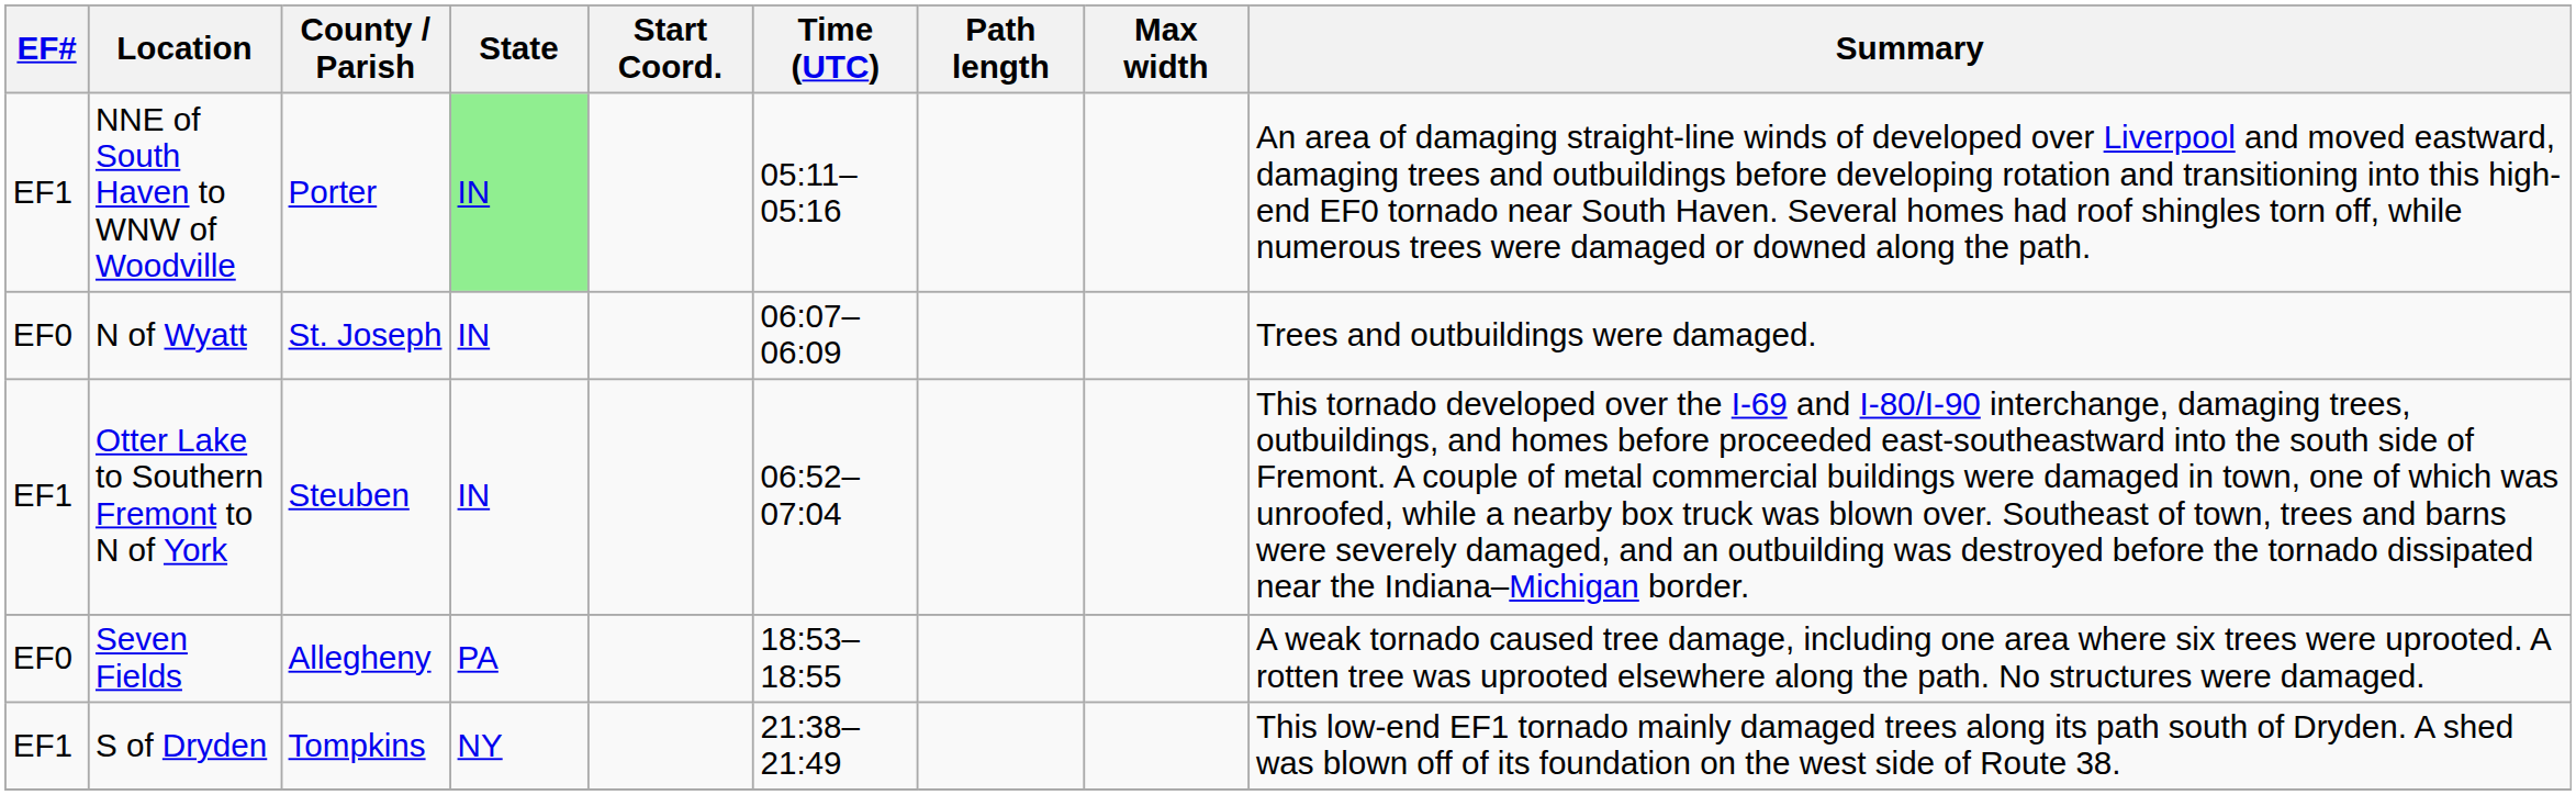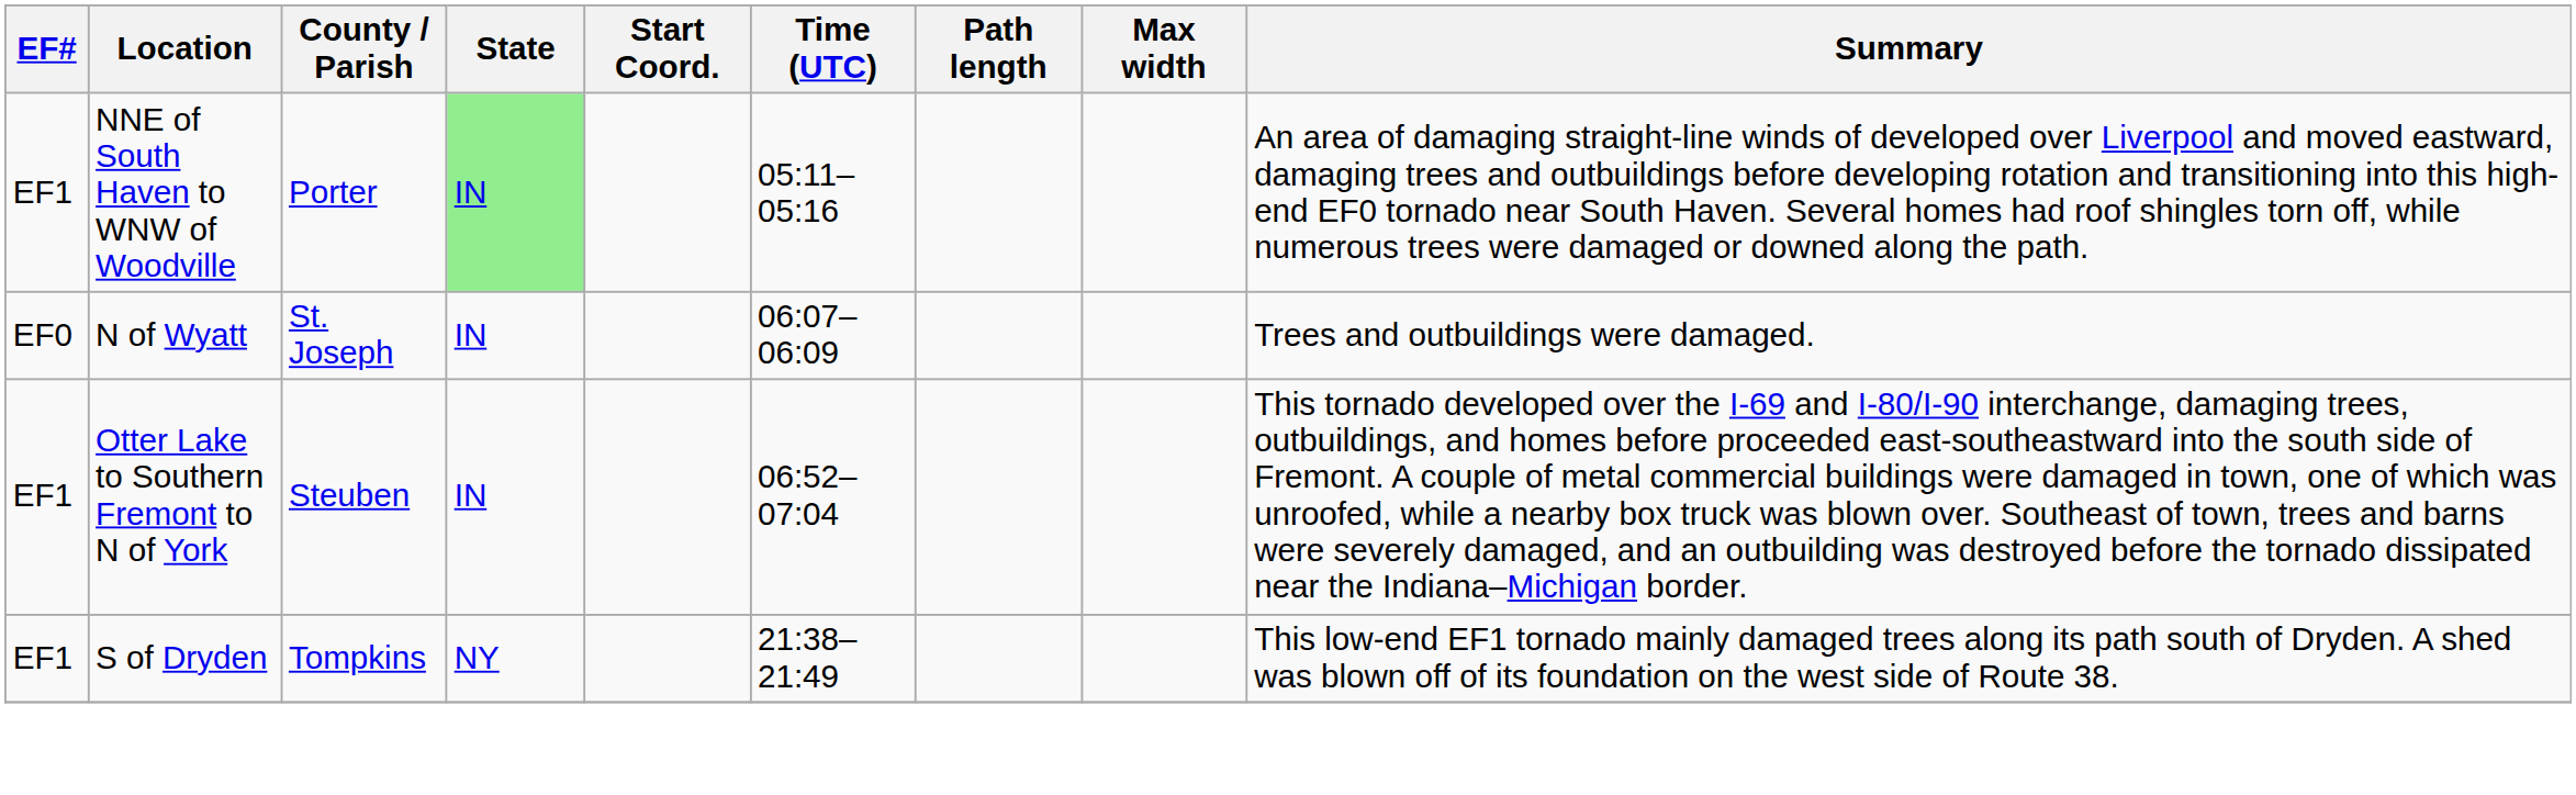 <table class="wikitable sortable" style="width:100%;">
 <tr>
 <th scope="col"  style="width:3%; text-align:center;"><a href='#'>EF#</a></th>
 <th scope="col"  style="width:7%; text-align:center;" class="unsortable">Location</th>
 <th scope="col"  style="width:6%; text-align:center;" class="unsortable">County / Parish</th>
 <th scope="col"  style="width:5%; text-align:center;">State</th>
 <th scope="col"  style="width:6%; text-align:center;">Start Coord.</th>
 <th scope="col"  style="width:6%; text-align:center;">Time (<a href='#'>UTC</a>)</th>
 <th scope="col"  style="width:6%; text-align:center;">Path length</th>
 <th scope="col"  style="width:6%; text-align:center;">Max width</th>
 <th scope="col" class="unsortable" style="width:48%; text-align:center;">Summary</th>
 </tr>
 <tr>
 <td>EF1</td>
 <td>NNE of <a href='#'>South Haven</a> to WNW of <a href='#'>Woodville</a></td>
 <td><a href='#'>Porter</a></td>
 <td style="background: lightgreen;"><a href='#'>IN</a></td>
 <td></td>
 <td>05:11–05:16</td>
 <td></td>
 <td></td>
 <td>An area of damaging straight-line winds of  developed over <a href='#'>Liverpool</a> and moved eastward, damaging trees and outbuildings before developing rotation and transitioning into this high-end EF0 tornado near South Haven. Several homes had roof shingles torn off, while numerous trees were damaged or downed along the path.</td>
 </tr>
 <tr>
 <td>EF0</td>
 <td>N of <a href='#'>Wyatt</a></td>
 <td><a href='#'>St. Joseph</a></td>
 <td><a href='#'>IN</a></td>
 <td></td>
 <td>06:07–06:09</td>
 <td></td>
 <td></td>
 <td>Trees and outbuildings were damaged.</td>
 </tr>
 <tr>
 <td>EF1</td>
 <td><a href='#'>Otter Lake</a> to Southern <a href='#'>Fremont</a> to N of <a href='#'>York</a></td>
 <td><a href='#'>Steuben</a></td>
 <td><a href='#'>IN</a></td>
 <td></td>
 <td>06:52–07:04</td>
 <td></td>
 <td></td>
 <td>This tornado developed over the <a href='#'>I-69</a> and <a href='#'>I-80/I-90</a> interchange, damaging trees, outbuildings, and homes before proceeded east-southeastward into the south side of Fremont. A couple of metal commercial buildings were damaged in town, one of which was unroofed, while a nearby box truck was blown over. Southeast of town, trees and barns were severely damaged, and an outbuilding was destroyed before the tornado dissipated near the Indiana–<a href='#'>Michigan</a> border.</td>
 </tr>
 <tr>
-<td>EF0</td>
-<td><a href='#'>Seven Fields</a></td>
-<td><a href='#'>Allegheny</a></td>
-<td><a href='#'>PA</a></td>
-<td></td>
-<td>18:53–18:55</td>
-<td></td>
-<td></td>
-<td>A weak tornado caused tree damage, including one area where six trees were uprooted. A rotten tree was uprooted elsewhere along the path. No structures were damaged.</td>
-</tr>
-<tr>
 <td>EF1</td>
 <td>S of <a href='#'>Dryden</a></td>
 <td><a href='#'>Tompkins</a></td>
 <td><a href='#'>NY</a></td>
 <td></td>
 <td>21:38–21:49</td>
 <td></td>
 <td></td>
 <td>This low-end EF1 tornado mainly damaged trees along its path south of Dryden. A shed was blown off of its foundation on the west side of Route 38.</td>
 </tr>
 <tr>
 </tr>
 </table>
